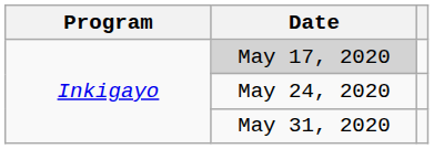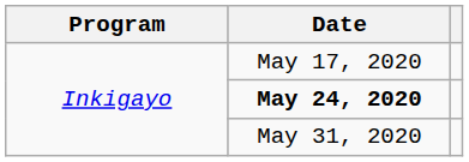 <table class="sortable wikitable" style="text-align:center;">
 <tr>
 <th width="120">Program</th>
 <th width="120">Date</th>
 <th class="unsortable"></th>
 </tr>
 <tr>
 <td rowspan="3"><em><a href='#'>Inkigayo</a></em></td>
-<td style="background: lightgrey;">May 17, 2020</td>
+<td>May 17, 2020</td>
 <td></td>
 </tr>
 <tr>
-<td>May 24, 2020</td>
+<td><strong>May 24, 2020</strong></td>
 <td></td>
 </tr>
 <tr>
 <td>May 31, 2020</td>
 <td></td>
 </tr>
 </table>
